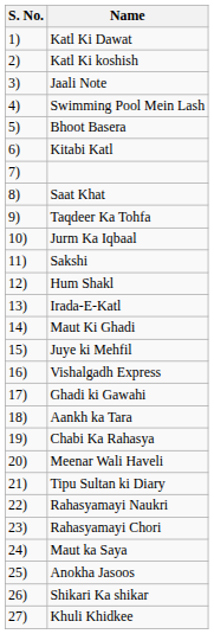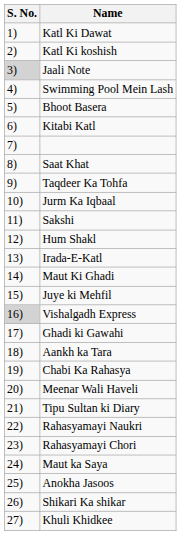 <table class="wikitable">
 <tr>
 <th>S. No.</th>
 <th>Name</th>
 </tr>
 <tr>
 <td>1)</td>
 <td>Katl Ki Dawat</td>
 </tr>
 <tr>
 <td>2)</td>
 <td>Katl Ki koshish</td>
 </tr>
 <tr>
-<td>3)</td>
+<td style="background: lightgrey;">3)</td>
 <td>Jaali Note</td>
 </tr>
 <tr>
 <td>4)</td>
 <td>Swimming Pool Mein Lash</td>
 </tr>
 <tr>
 <td>5)</td>
 <td>Bhoot Basera</td>
 </tr>
 <tr>
 <td>6)</td>
 <td>Kitabi Katl</td>
 </tr>
 <tr>
 <td>7)</td>
 <td></td>
 </tr>
 <tr>
 <td>8)</td>
 <td>Saat Khat</td>
 </tr>
 <tr>
 <td>9)</td>
 <td>Taqdeer Ka Tohfa</td>
 </tr>
 <tr>
 <td>10)</td>
 <td>Jurm Ka Iqbaal</td>
 </tr>
 <tr>
 <td>11)</td>
 <td>Sakshi</td>
 </tr>
 <tr>
 <td>12)</td>
 <td>Hum Shakl</td>
 </tr>
 <tr>
 <td>13)</td>
 <td>Irada-E-Katl</td>
 </tr>
 <tr>
 <td>14)</td>
 <td>Maut Ki Ghadi</td>
 </tr>
 <tr>
 <td>15)</td>
 <td>Juye ki Mehfil</td>
 </tr>
 <tr>
-<td>16)</td>
+<td style="background: lightgrey;">16)</td>
 <td>Vishalgadh Express</td>
 </tr>
 <tr>
 <td>17)</td>
 <td>Ghadi ki Gawahi</td>
 </tr>
 <tr>
 <td>18)</td>
 <td>Aankh ka Tara</td>
 </tr>
 <tr>
 <td>19)</td>
 <td>Chabi Ka Rahasya</td>
 </tr>
 <tr>
 <td>20)</td>
 <td>Meenar Wali Haveli</td>
 </tr>
 <tr>
 <td>21)</td>
 <td>Tipu Sultan ki Diary</td>
 </tr>
 <tr>
 <td>22)</td>
 <td>Rahasyamayi Naukri</td>
 </tr>
 <tr>
 <td>23)</td>
 <td>Rahasyamayi Chori</td>
 </tr>
 <tr>
 <td>24)</td>
 <td>Maut ka Saya</td>
 </tr>
 <tr>
 <td>25)</td>
 <td>Anokha Jasoos</td>
 </tr>
 <tr>
 <td>26)</td>
 <td>Shikari Ka shikar</td>
 </tr>
 <tr>
 <td>27)</td>
 <td>Khuli Khidkee</td>
 </tr>
 </table>
